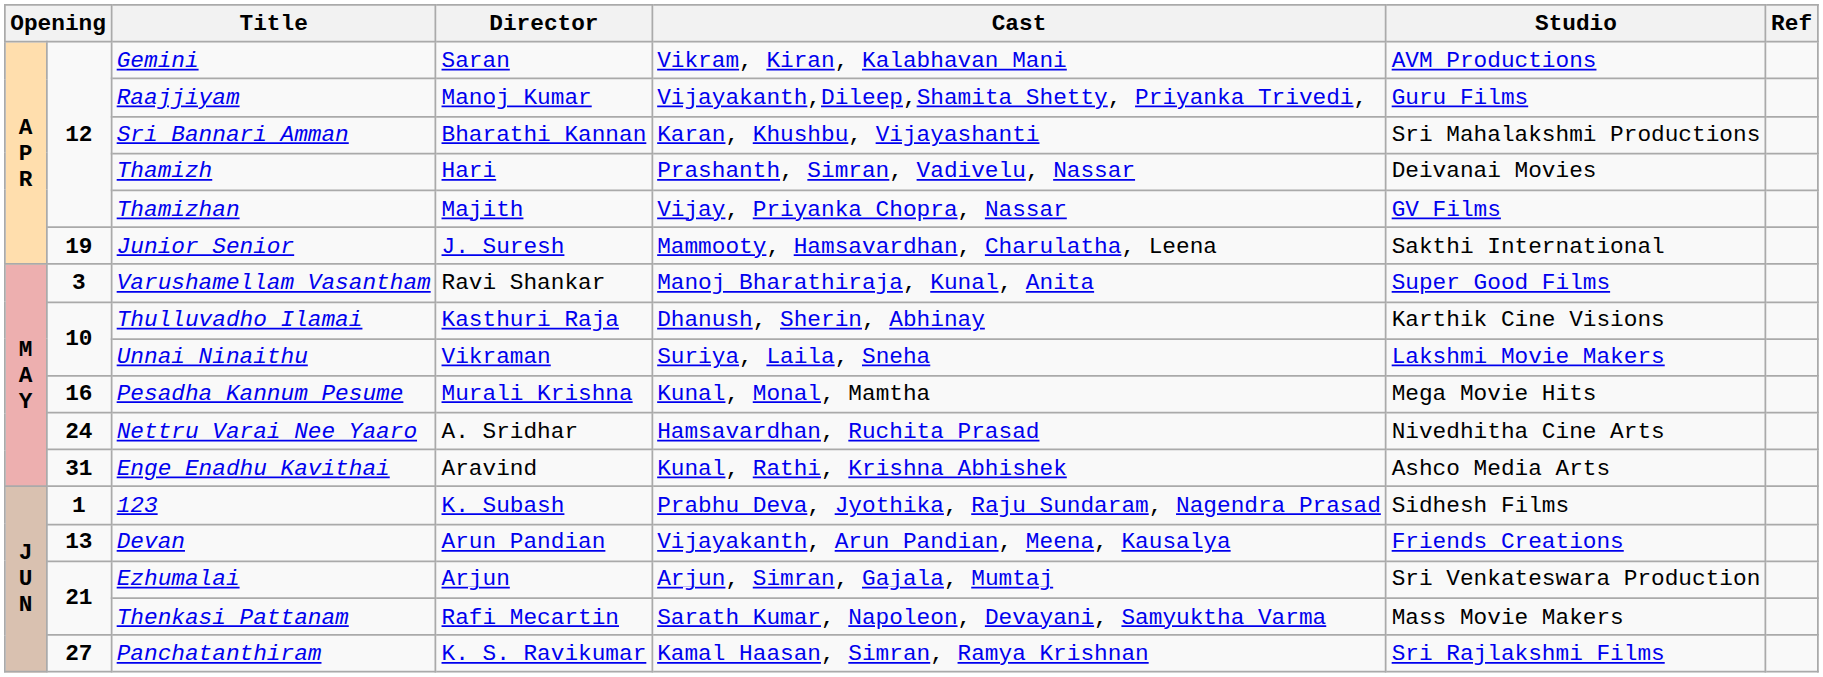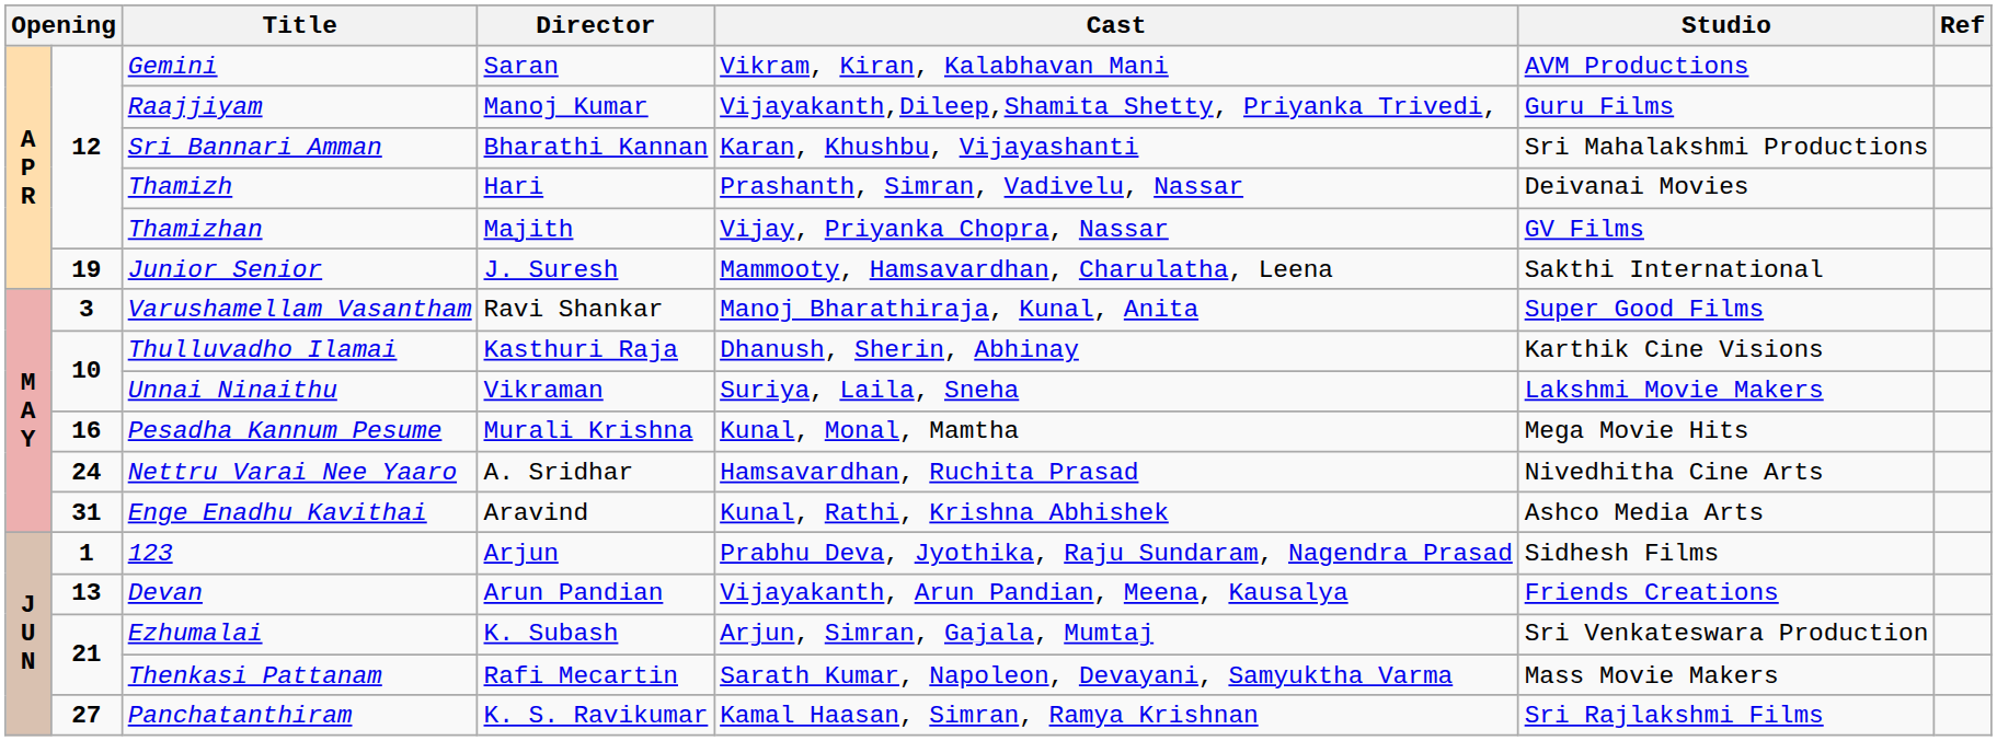 <table class="wikitable">
 <tr>
 <th colspan="2">Opening</th>
 <th>Title</th>
 <th>Director</th>
 <th>Cast</th>
 <th>Studio</th>
 <th>Ref</th>
 </tr>
 <tr April!>
 <td rowspan="6"   style="text-align:center; background:#ffdead; textcolor:#000;"><strong>A<br>P<br>R</strong></td>
 <td rowspan="5" style="text-align:center;"><strong>12</strong></td>
 <td><em><a href='#'>Gemini</a></em></td>
 <td><a href='#'>Saran</a></td>
 <td><a href='#'>Vikram</a>, <a href='#'>Kiran</a>, <a href='#'>Kalabhavan Mani</a></td>
 <td><a href='#'>AVM Productions</a></td>
 <td></td>
 </tr>
 <tr>
 <td><em><a href='#'>Raajjiyam</a></em></td>
 <td><a href='#'>Manoj Kumar</a></td>
 <td><a href='#'>Vijayakanth</a>,<a href='#'>Dileep</a>,<a href='#'>Shamita Shetty</a>, <a href='#'>Priyanka Trivedi</a>,</td>
 <td><a href='#'>Guru Films</a></td>
 <td></td>
 </tr>
 <tr>
 <td><em><a href='#'>Sri Bannari Amman</a></em></td>
 <td><a href='#'>Bharathi Kannan</a></td>
 <td><a href='#'>Karan</a>, <a href='#'>Khushbu</a>, <a href='#'>Vijayashanti</a></td>
 <td>Sri Mahalakshmi Productions</td>
 <td></td>
 </tr>
 <tr>
 <td><em><a href='#'>Thamizh</a></em></td>
 <td><a href='#'>Hari</a></td>
 <td><a href='#'>Prashanth</a>, <a href='#'>Simran</a>, <a href='#'>Vadivelu</a>, <a href='#'>Nassar</a></td>
 <td>Deivanai Movies</td>
 <td></td>
 </tr>
 <tr>
 <td><em><a href='#'>Thamizhan</a></em></td>
 <td><a href='#'>Majith</a></td>
 <td><a href='#'>Vijay</a>, <a href='#'>Priyanka Chopra</a>, <a href='#'>Nassar</a></td>
 <td><a href='#'>GV Films</a></td>
 <td></td>
 </tr>
 <tr>
 <td style="text-align:center;"><strong>19</strong></td>
 <td><em><a href='#'>Junior Senior</a></em></td>
 <td><a href='#'>J. Suresh</a></td>
 <td><a href='#'>Mammooty</a>, <a href='#'>Hamsavardhan</a>, <a href='#'>Charulatha</a>, Leena</td>
 <td>Sakthi International</td>
 <td></td>
 </tr>
 <tr May!>
 <td rowspan="6"   style="text-align:center; background:#edafaf; textcolor:#000;"><strong>M<br>A<br>Y</strong></td>
 <td style="text-align:center;"><strong>3</strong></td>
 <td><em><a href='#'>Varushamellam Vasantham</a></em></td>
 <td>Ravi Shankar</td>
 <td><a href='#'>Manoj Bharathiraja</a>, <a href='#'>Kunal</a>, <a href='#'>Anita</a></td>
 <td><a href='#'>Super Good Films</a></td>
 <td></td>
 </tr>
 <tr>
 <td rowspan="2" style="text-align:center;"><strong>10</strong></td>
 <td><em><a href='#'>Thulluvadho Ilamai</a></em></td>
 <td><a href='#'>Kasthuri Raja</a></td>
 <td><a href='#'>Dhanush</a>, <a href='#'>Sherin</a>, <a href='#'>Abhinay</a></td>
 <td>Karthik Cine Visions</td>
 <td></td>
 </tr>
 <tr>
 <td><em><a href='#'>Unnai Ninaithu</a></em></td>
 <td><a href='#'>Vikraman</a></td>
 <td><a href='#'>Suriya</a>, <a href='#'>Laila</a>, <a href='#'>Sneha</a></td>
 <td><a href='#'>Lakshmi Movie Makers</a></td>
 <td></td>
 </tr>
 <tr>
 <td style="text-align:center;"><strong>16</strong></td>
 <td><em><a href='#'>Pesadha Kannum Pesume</a></em></td>
 <td><a href='#'>Murali Krishna</a></td>
 <td><a href='#'>Kunal</a>, <a href='#'>Monal</a>, Mamtha</td>
 <td>Mega Movie Hits</td>
 <td></td>
 </tr>
 <tr>
 <td style="text-align:center;"><strong>24</strong></td>
 <td><em><a href='#'>Nettru Varai Nee Yaaro</a></em></td>
 <td>A. Sridhar</td>
 <td><a href='#'>Hamsavardhan</a>, <a href='#'>Ruchita Prasad</a></td>
 <td>Nivedhitha Cine Arts</td>
 <td></td>
 </tr>
 <tr>
 <td style="text-align:center;"><strong>31</strong></td>
 <td><em><a href='#'>Enge Enadhu Kavithai</a></em></td>
 <td>Aravind</td>
 <td><a href='#'>Kunal</a>, <a href='#'>Rathi</a>, <a href='#'>Krishna Abhishek</a></td>
 <td>Ashco Media Arts</td>
 <td></td>
 </tr>
 <tr June!>
 <td rowspan="5"   style="text-align:center; background:#d9c1b0; textcolor:#000;"><strong>J<br>U<br>N</strong></td>
 <td style="text-align:center;"><strong>1</strong></td>
 <td><em><a href='#'>123</a></em></td>
-<td><a href='#'>K. Subash</a></td>
+<td><a href='#'>Arjun</a></td>
 <td><a href='#'>Prabhu Deva</a>, <a href='#'>Jyothika</a>, <a href='#'>Raju Sundaram</a>, <a href='#'>Nagendra Prasad</a></td>
 <td>Sidhesh Films</td>
 <td></td>
 </tr>
 <tr>
 <td style="text-align:center;"><strong>13</strong></td>
 <td><em><a href='#'>Devan</a></em></td>
 <td><a href='#'>Arun Pandian</a></td>
 <td><a href='#'>Vijayakanth</a>, <a href='#'>Arun Pandian</a>, <a href='#'>Meena</a>, <a href='#'>Kausalya</a></td>
 <td><a href='#'>Friends Creations</a></td>
 <td></td>
 </tr>
 <tr>
 <td rowspan="2" style="text-align:center;"><strong>21</strong></td>
 <td><em><a href='#'>Ezhumalai</a></em></td>
-<td><a href='#'>Arjun</a></td>
+<td><a href='#'>K. Subash</a></td>
 <td><a href='#'>Arjun</a>, <a href='#'>Simran</a>, <a href='#'>Gajala</a>, <a href='#'>Mumtaj</a></td>
 <td>Sri Venkateswara Production</td>
 <td></td>
 </tr>
 <tr>
 <td><em><a href='#'>Thenkasi Pattanam</a></em></td>
 <td><a href='#'>Rafi Mecartin</a></td>
 <td><a href='#'>Sarath Kumar</a>, <a href='#'>Napoleon</a>, <a href='#'>Devayani</a>, <a href='#'>Samyuktha Varma</a></td>
 <td>Mass Movie Makers</td>
 <td></td>
 </tr>
 <tr>
 <td style="text-align:center;"><strong>27</strong></td>
 <td><em><a href='#'>Panchatanthiram</a></em></td>
 <td><a href='#'>K. S. Ravikumar</a></td>
 <td><a href='#'>Kamal Haasan</a>, <a href='#'>Simran</a>, <a href='#'>Ramya Krishnan</a></td>
 <td><a href='#'>Sri Rajlakshmi Films</a></td>
 <td></td>
 </tr>
 </table>
